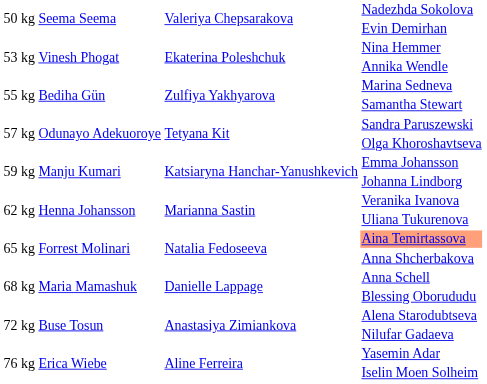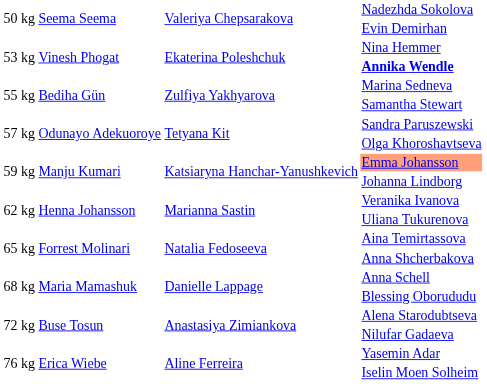 <table>
 <tr>
 <td rowspan=2>50 kg</td>
 <td rowspan=2> <a href='#'>Seema Seema</a></td>
 <td rowspan=2> <a href='#'>Valeriya Chepsarakova</a></td>
 <td> <a href='#'>Nadezhda Sokolova</a></td>
 </tr>
 <tr>
 <td> <a href='#'>Evin Demirhan</a></td>
 </tr>
 <tr>
 <td rowspan=2>53 kg</td>
 <td rowspan=2> <a href='#'>Vinesh Phogat</a></td>
 <td rowspan=2> <a href='#'>Ekaterina Poleshchuk</a></td>
 <td> <a href='#'>Nina Hemmer</a></td>
 </tr>
 <tr>
-<td> <a href='#'>Annika Wendle</a></td>
+<td><strong> <a href='#'>Annika Wendle</a></strong></td>
 </tr>
 <tr>
 <td rowspan=2>55 kg</td>
 <td rowspan=2> <a href='#'>Bediha Gün</a></td>
 <td rowspan=2> <a href='#'>Zulfiya Yakhyarova</a></td>
 <td> <a href='#'>Marina Sedneva</a></td>
 </tr>
 <tr>
 <td> <a href='#'>Samantha Stewart</a></td>
 </tr>
 <tr>
 <td rowspan=2>57 kg</td>
 <td rowspan=2> <a href='#'>Odunayo Adekuoroye</a></td>
 <td rowspan=2> <a href='#'>Tetyana Kit</a></td>
 <td> <a href='#'>Sandra Paruszewski</a></td>
 </tr>
 <tr>
 <td> <a href='#'>Olga Khoroshavtseva</a></td>
 </tr>
 <tr>
 <td rowspan=2>59 kg</td>
 <td rowspan=2> <a href='#'>Manju Kumari</a></td>
 <td rowspan=2> <a href='#'>Katsiaryna Hanchar-Yanushkevich</a></td>
-<td> <a href='#'>Emma Johansson</a></td>
+<td style="background: lightsalmon;"> <a href='#'>Emma Johansson</a></td>
 </tr>
 <tr>
 <td> <a href='#'>Johanna Lindborg</a></td>
 </tr>
 <tr>
 <td rowspan=2>62 kg</td>
 <td rowspan=2> <a href='#'>Henna Johansson</a></td>
 <td rowspan=2> <a href='#'>Marianna Sastin</a></td>
 <td> <a href='#'>Veranika Ivanova</a></td>
 </tr>
 <tr>
 <td> <a href='#'>Uliana Tukurenova</a></td>
 </tr>
 <tr>
 <td rowspan=2>65 kg</td>
 <td rowspan=2> <a href='#'>Forrest Molinari</a></td>
 <td rowspan=2> <a href='#'>Natalia Fedoseeva</a></td>
-<td style="background: lightsalmon;"> <a href='#'>Aina Temirtassova</a></td>
+<td> <a href='#'>Aina Temirtassova</a></td>
 </tr>
 <tr>
 <td> <a href='#'>Anna Shcherbakova</a></td>
 </tr>
 <tr>
 <td rowspan=2>68 kg</td>
 <td rowspan=2> <a href='#'>Maria Mamashuk</a></td>
 <td rowspan=2> <a href='#'>Danielle Lappage</a></td>
 <td> <a href='#'>Anna Schell</a></td>
 </tr>
 <tr>
 <td> <a href='#'>Blessing Oborududu</a></td>
 </tr>
 <tr>
 <td rowspan=2>72 kg</td>
 <td rowspan=2> <a href='#'>Buse Tosun</a></td>
 <td rowspan=2> <a href='#'>Anastasiya Zimiankova</a></td>
 <td> <a href='#'>Alena Starodubtseva</a></td>
 </tr>
 <tr>
 <td> <a href='#'>Nilufar Gadaeva</a></td>
 </tr>
 <tr>
 <td rowspan=2>76 kg</td>
 <td rowspan=2> <a href='#'>Erica Wiebe</a></td>
 <td rowspan=2> <a href='#'>Aline Ferreira</a></td>
 <td> <a href='#'>Yasemin Adar</a></td>
 </tr>
 <tr>
 <td> <a href='#'>Iselin Moen Solheim</a></td>
 </tr>
 <tr>
 </tr>
 </table>
